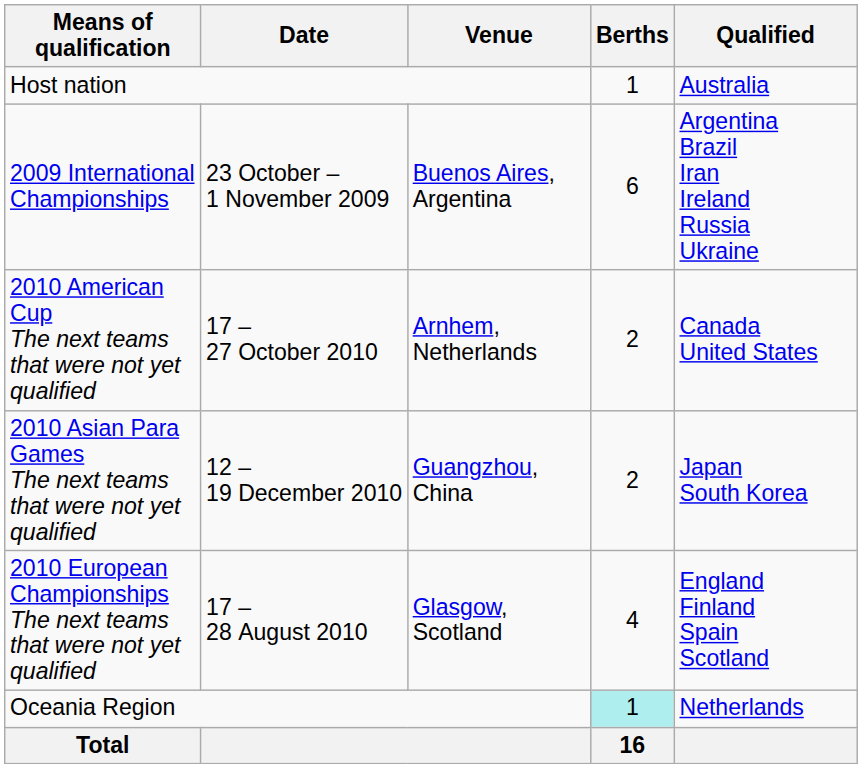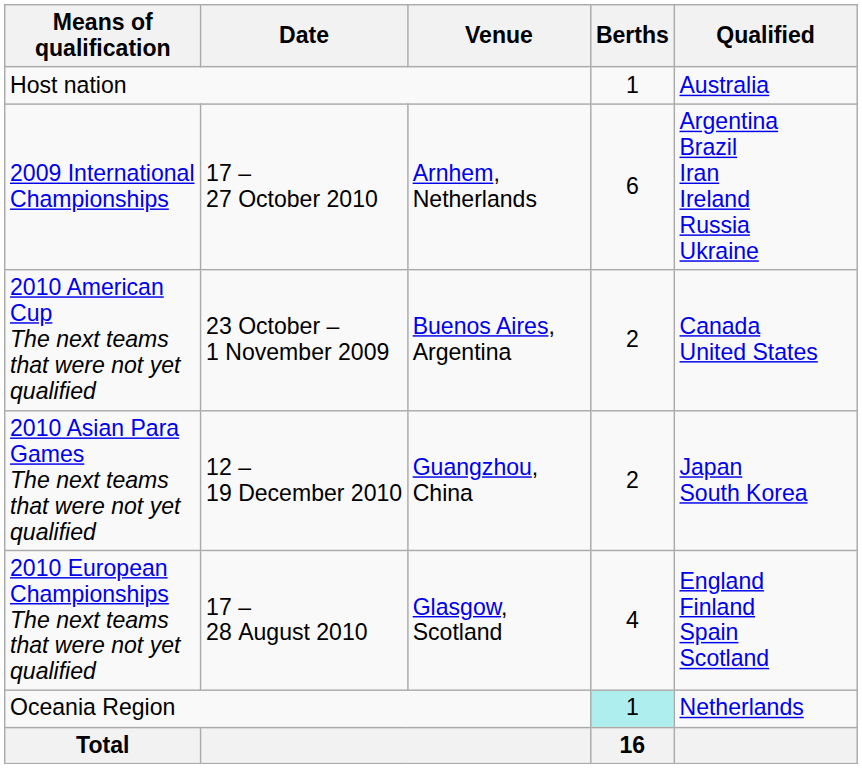 <table class="wikitable" style="width:95%">
 <tr>
 <th width=25%>Means of qualification</th>
 <th width=20%>Date</th>
 <th width=25%>Venue</th>
 <th width=5%>Berths</th>
 <th width=25%>Qualified</th>
 </tr>
 <tr>
 <td colspan=3>Host nation</td>
 <td align=center>1</td>
 <td> <a href='#'>Australia</a></td>
 </tr>
 <tr>
 <td><a href='#'>2009 International Championships</a></td>
-<td>23 October – 1 November 2009</td>
-<td> <a href='#'>Buenos Aires</a>, Argentina</td>
+<td>17 – 27 October 2010</td>
+<td> <a href='#'>Arnhem</a>, Netherlands</td>
 <td align="center">6</td>
 <td> <a href='#'>Argentina</a><br> <a href='#'>Brazil</a><br> <a href='#'>Iran</a><br> <a href='#'>Ireland</a><br> <a href='#'>Russia</a><br> <a href='#'>Ukraine</a></td>
 </tr>
 <tr>
 <td><a href='#'>2010 American Cup</a><br><em>The next teams that were not yet qualified</em></td>
-<td>17 – 27 October 2010</td>
-<td> <a href='#'>Arnhem</a>, Netherlands</td>
+<td>23 October – 1 November 2009</td>
+<td> <a href='#'>Buenos Aires</a>, Argentina</td>
 <td align="center">2</td>
 <td> <a href='#'>Canada</a><br> <a href='#'>United States</a></td>
 </tr>
 <tr>
 <td><a href='#'>2010 Asian Para Games</a><br><em>The next teams that were not yet qualified</em></td>
 <td>12 – 19 December 2010</td>
 <td> <a href='#'>Guangzhou</a>, China</td>
 <td align="center">2</td>
 <td> <a href='#'>Japan</a><br> <a href='#'>South Korea</a></td>
 </tr>
 <tr>
 <td><a href='#'>2010 European Championships</a><br><em>The next teams that were not yet qualified</em></td>
 <td>17 – 28 August 2010</td>
 <td> <a href='#'>Glasgow</a>, Scotland</td>
 <td align="center">4</td>
 <td> <a href='#'>England</a><br> <a href='#'>Finland</a><br> <a href='#'>Spain</a><br> <a href='#'>Scotland</a></td>
 </tr>
 <tr>
 <td colspan=3>Oceania Region</td>
 <td align="center" style="background: paleturquoise;">1</td>
 <td> <a href='#'>Netherlands</a></td>
 </tr>
 <tr>
 <th>Total</th>
 <th colspan="2"></th>
 <th>16</th>
 <th></th>
 </tr>
 </table>
